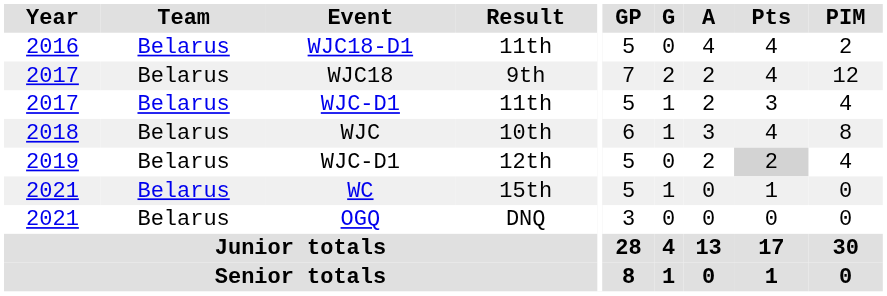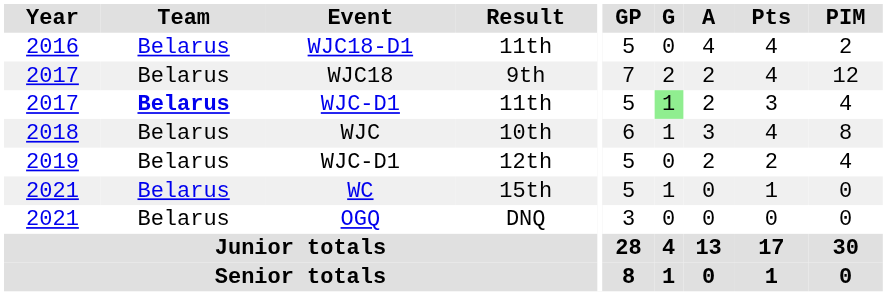 <table border="0" cellpadding="1" cellspacing="0" ID="Table3" style="text-align:center; width:40em">
 <tr ALIGN="center" bgcolor="#e0e0e0">
 <th>Year</th>
 <th>Team</th>
 <th>Event</th>
 <th>Result</th>
 <th rowspan="99" bgcolor="#ffffff"></th>
 <th>GP</th>
 <th>G</th>
 <th>A</th>
 <th>Pts</th>
 <th>PIM</th>
 </tr>
 <tr>
 <td><a href='#'>2016</a></td>
 <td><a href='#'>Belarus</a></td>
 <td><a href='#'>WJC18-D1</a></td>
 <td>11th</td>
 <td>5</td>
 <td>0</td>
 <td>4</td>
 <td>4</td>
 <td>2</td>
 </tr>
 <tr bgcolor="#f0f0f0">
 <td><a href='#'>2017</a></td>
 <td>Belarus</td>
 <td>WJC18</td>
 <td>9th</td>
 <td>7</td>
 <td>2</td>
 <td>2</td>
 <td>4</td>
 <td>12</td>
 </tr>
 <tr>
 <td><a href='#'>2017</a></td>
-<td><a href='#'>Belarus</a></td>
+<td><strong><a href='#'>Belarus</a></strong></td>
 <td><a href='#'>WJC-D1</a></td>
 <td>11th</td>
 <td>5</td>
-<td>1</td>
+<td style="background: lightgreen;">1</td>
 <td>2</td>
 <td>3</td>
 <td>4</td>
 </tr>
 <tr bgcolor="#f0f0f0">
 <td><a href='#'>2018</a></td>
 <td>Belarus</td>
 <td>WJC</td>
 <td>10th</td>
 <td>6</td>
 <td>1</td>
 <td>3</td>
 <td>4</td>
 <td>8</td>
 </tr>
 <tr>
 <td><a href='#'>2019</a></td>
 <td>Belarus</td>
 <td>WJC-D1</td>
 <td>12th</td>
 <td>5</td>
 <td>0</td>
 <td>2</td>
-<td style="background: lightgrey;">2</td>
+<td>2</td>
 <td>4</td>
 </tr>
 <tr bgcolor="#f0f0f0">
 <td><a href='#'>2021</a></td>
 <td><a href='#'>Belarus</a></td>
 <td><a href='#'>WC</a></td>
 <td>15th</td>
 <td>5</td>
 <td>1</td>
 <td>0</td>
 <td>1</td>
 <td>0</td>
 </tr>
 <tr>
 <td><a href='#'>2021</a></td>
 <td>Belarus</td>
 <td><a href='#'>OGQ</a></td>
 <td>DNQ</td>
 <td>3</td>
 <td>0</td>
 <td>0</td>
 <td>0</td>
 <td>0</td>
 </tr>
 <tr bgcolor="#e0e0e0">
 <th colspan="4">Junior totals</th>
 <th>28</th>
 <th>4</th>
 <th>13</th>
 <th>17</th>
 <th>30</th>
 </tr>
 <tr bgcolor="#e0e0e0">
 <th colspan="4">Senior totals</th>
 <th>8</th>
 <th>1</th>
 <th>0</th>
 <th>1</th>
 <th>0</th>
 </tr>
 </table>
